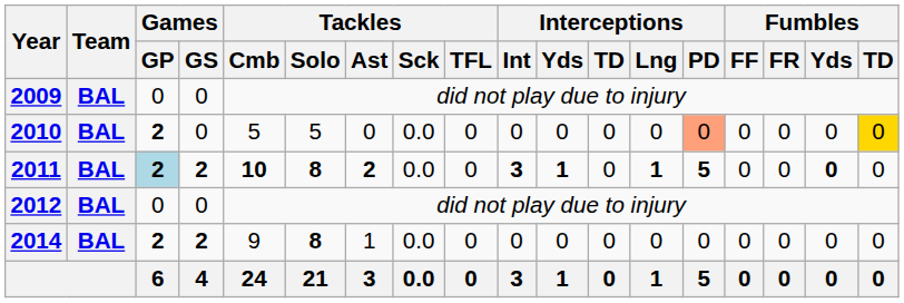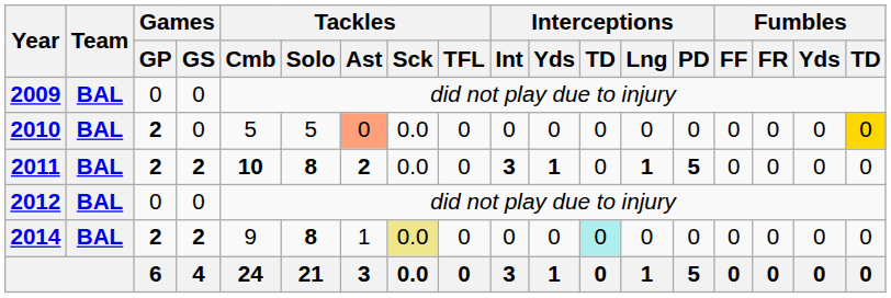 <table class="wikitable" style="text-align:center">
 <tr>
 <th rowspan="2">Year</th>
 <th rowspan="2">Team</th>
 <th colspan="2">Games</th>
 <th colspan="5">Tackles</th>
 <th colspan="5">Interceptions</th>
 <th colspan="4">Fumbles</th>
 </tr>
 <tr>
 <th>GP</th>
 <th>GS</th>
 <th>Cmb</th>
 <th>Solo</th>
 <th>Ast</th>
 <th>Sck</th>
 <th>TFL</th>
 <th>Int</th>
 <th>Yds</th>
 <th>TD</th>
 <th>Lng</th>
 <th>PD</th>
 <th>FF</th>
 <th>FR</th>
 <th>Yds</th>
 <th>TD</th>
 </tr>
 <tr>
 <th><a href='#'>2009</a></th>
 <th><a href='#'>BAL</a></th>
 <td>0</td>
 <td>0</td>
 <td colspan="14"><em>did not play due to injury</em></td>
 </tr>
 <tr>
 <th><a href='#'>2010</a></th>
 <th><a href='#'>BAL</a></th>
 <td><strong>2</strong></td>
 <td>0</td>
 <td>5</td>
 <td>5</td>
-<td>0</td>
+<td style="background: lightsalmon;">0</td>
 <td>0.0</td>
 <td>0</td>
 <td>0</td>
 <td>0</td>
 <td>0</td>
 <td>0</td>
-<td style="background: lightsalmon;">0</td>
+<td>0</td>
 <td>0</td>
 <td>0</td>
 <td>0</td>
 <td style="background: gold;">0</td>
 </tr>
 <tr>
 <th><a href='#'>2011</a></th>
 <th><a href='#'>BAL</a></th>
-<td style="background: lightblue;"><strong>2</strong></td>
+<td><strong>2</strong></td>
 <td><strong>2</strong></td>
 <td><strong>10</strong></td>
 <td><strong>8</strong></td>
 <td><strong>2</strong></td>
 <td>0.0</td>
 <td>0</td>
 <td><strong>3</strong></td>
 <td><strong>1</strong></td>
 <td>0</td>
 <td><strong>1</strong></td>
 <td><strong>5</strong></td>
 <td>0</td>
 <td>0</td>
-<td><strong>0</strong></td>
+<td>0</td>
 <td>0</td>
 </tr>
 <tr>
 <th><a href='#'>2012</a></th>
 <th><a href='#'>BAL</a></th>
 <td>0</td>
 <td>0</td>
 <td colspan="14"><em>did not play due to injury</em></td>
 </tr>
 <tr>
 <th><a href='#'>2014</a></th>
 <th><a href='#'>BAL</a></th>
 <td><strong>2</strong></td>
 <td><strong>2</strong></td>
 <td>9</td>
 <td><strong>8</strong></td>
 <td>1</td>
-<td>0.0</td>
+<td style="background: khaki;">0.0</td>
 <td>0</td>
 <td>0</td>
 <td>0</td>
-<td>0</td>
+<td style="background: paleturquoise;">0</td>
 <td>0</td>
 <td>0</td>
 <td>0</td>
 <td>0</td>
 <td>0</td>
 <td>0</td>
 </tr>
 <tr>
 <th colspan="2"></th>
 <th>6</th>
 <th>4</th>
 <th>24</th>
 <th>21</th>
 <th>3</th>
 <th>0.0</th>
 <th>0</th>
 <th>3</th>
 <th>1</th>
 <th>0</th>
 <th>1</th>
 <th>5</th>
 <th>0</th>
 <th>0</th>
 <th>0</th>
 <th>0</th>
 </tr>
 </table>
